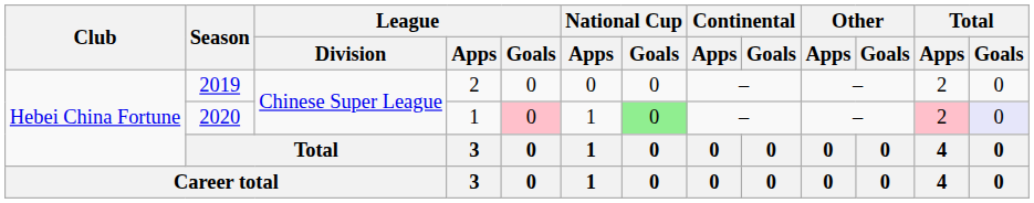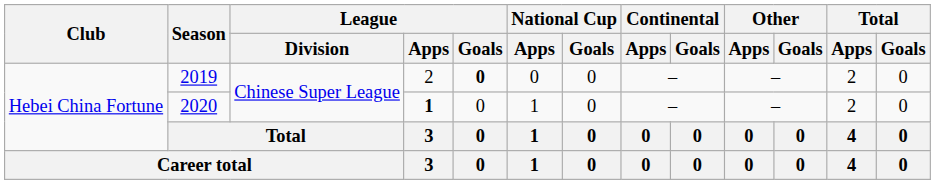 <table class="wikitable" style="text-align: center">
 <tr>
 <th rowspan="2">Club</th>
 <th rowspan="2">Season</th>
 <th colspan="3">League</th>
 <th colspan="2">National Cup</th>
 <th colspan="2">Continental</th>
 <th colspan="2">Other</th>
 <th colspan="2">Total</th>
 </tr>
 <tr>
 <th>Division</th>
 <th>Apps</th>
 <th>Goals</th>
 <th>Apps</th>
 <th>Goals</th>
 <th>Apps</th>
 <th>Goals</th>
 <th>Apps</th>
 <th>Goals</th>
 <th>Apps</th>
 <th>Goals</th>
 </tr>
 <tr>
 <td rowspan=3><a href='#'>Hebei China Fortune</a></td>
 <td><a href='#'>2019</a></td>
 <td rowspan=2><a href='#'>Chinese Super League</a></td>
 <td>2</td>
-<td>0</td>
+<td><strong>0</strong></td>
 <td>0</td>
 <td>0</td>
 <td colspan="2">–</td>
 <td colspan="2">–</td>
 <td>2</td>
 <td>0</td>
 </tr>
 <tr>
 <td><a href='#'>2020</a></td>
+<td><strong>1</strong></td>
+<td>0</td>
 <td>1</td>
-<td style="background: pink;">0</td>
-<td>1</td>
-<td style="background: lightgreen;">0</td>
+<td>0</td>
 <td colspan="2">–</td>
 <td colspan="2">–</td>
-<td style="background: pink;">2</td>
-<td style="background: lavender;">0</td>
+<td>2</td>
+<td>0</td>
 </tr>
 <tr>
 <th colspan=2>Total</th>
 <th>3</th>
 <th>0</th>
 <th>1</th>
 <th>0</th>
 <th>0</th>
 <th>0</th>
 <th>0</th>
 <th>0</th>
 <th>4</th>
 <th>0</th>
 </tr>
 <tr>
 <th colspan=3>Career total</th>
 <th>3</th>
 <th>0</th>
 <th>1</th>
 <th>0</th>
 <th>0</th>
 <th>0</th>
 <th>0</th>
 <th>0</th>
 <th>4</th>
 <th>0</th>
 </tr>
 </table>
